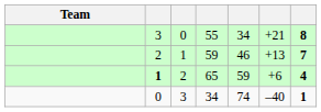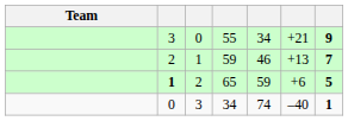 <table class="wikitable" style="text-align:center;">
 <tr>
 <th style="width:10.5em;">Team</th>
 <th style="width:1.5em;"></th>
 <th style="width:1.5em;"></th>
 <th style="width:2.0em;"></th>
 <th style="width:2.0em;"></th>
 <th style="width:2.0em;"></th>
 <th style="width:1.5em;"></th>
 </tr>
 <tr bgcolor="#cfc">
 <td align="left"></td>
 <td>3</td>
 <td>0</td>
 <td>55</td>
 <td>34</td>
 <td>+21</td>
-<td><strong>8</strong></td>
+<td><strong>9</strong></td>
 </tr>
 <tr bgcolor="#cfc">
 <td align="left"></td>
 <td>2</td>
 <td>1</td>
 <td>59</td>
 <td>46</td>
 <td>+13</td>
 <td><strong>7</strong></td>
 </tr>
 <tr bgcolor=#cfc>
 <td align="left"></td>
 <td><strong>1</strong></td>
 <td>2</td>
 <td>65</td>
 <td>59</td>
 <td>+6</td>
-<td><strong>4</strong></td>
+<td><strong>5</strong></td>
 </tr>
 <tr>
 <td align="left"></td>
 <td>0</td>
 <td>3</td>
 <td>34</td>
 <td>74</td>
 <td>–40</td>
 <td><strong>1</strong></td>
 </tr>
 </table>
